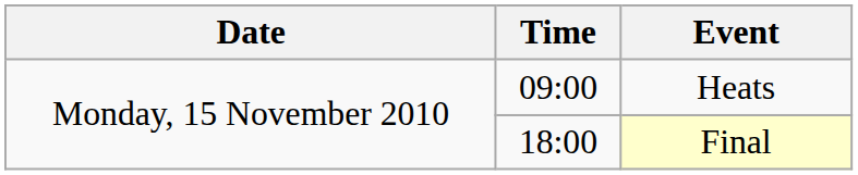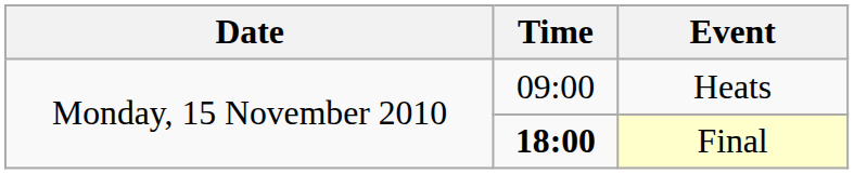 <table class = "wikitable" style="text-align:center;">
 <tr>
 <th width=220>Date</th>
 <th width=50>Time</th>
 <th width=100>Event</th>
 </tr>
 <tr>
 <td rowspan=2>Monday, 15 November 2010</td>
 <td>09:00</td>
 <td>Heats</td>
 </tr>
 <tr>
-<td>18:00</td>
+<td><strong>18:00</strong></td>
 <td bgcolor=ffffcc>Final</td>
 </tr>
 </table>
